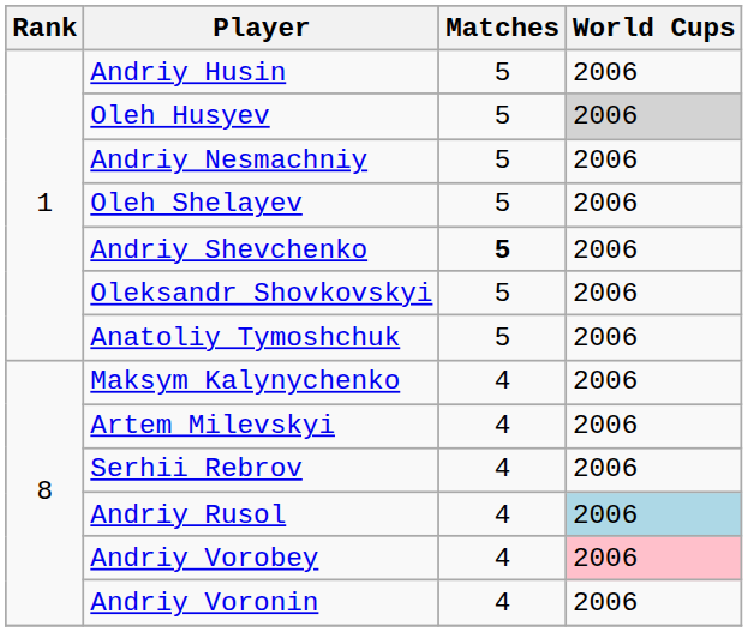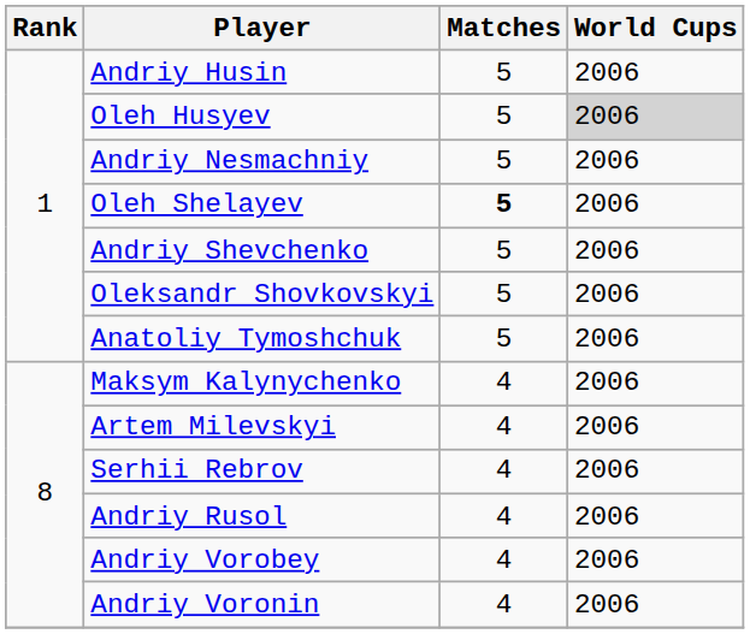 <table class="wikitable" style="text-align: left;">
 <tr>
 <th>Rank</th>
 <th>Player</th>
 <th>Matches</th>
 <th>World Cups</th>
 </tr>
 <tr>
 <td rowspan=7 align=center>1</td>
 <td><a href='#'>Andriy Husin</a></td>
 <td align=center>5</td>
 <td>2006</td>
 </tr>
 <tr>
 <td><a href='#'>Oleh Husyev</a></td>
 <td align=center>5</td>
 <td style="background: lightgrey;">2006</td>
 </tr>
 <tr>
 <td><a href='#'>Andriy Nesmachniy</a></td>
 <td align=center>5</td>
 <td>2006</td>
 </tr>
 <tr>
 <td><a href='#'>Oleh Shelayev</a></td>
-<td align=center>5</td>
+<td align=center><strong>5</strong></td>
 <td>2006</td>
 </tr>
 <tr>
 <td><a href='#'>Andriy Shevchenko</a></td>
-<td align=center><strong>5</strong></td>
+<td align=center>5</td>
 <td>2006</td>
 </tr>
 <tr>
 <td><a href='#'>Oleksandr Shovkovskyi</a></td>
 <td align=center>5</td>
 <td>2006</td>
 </tr>
 <tr>
 <td><a href='#'>Anatoliy Tymoshchuk</a></td>
 <td align=center>5</td>
 <td>2006</td>
 </tr>
 <tr>
 <td rowspan=6 align=center>8</td>
 <td><a href='#'>Maksym Kalynychenko</a></td>
 <td align=center>4</td>
 <td>2006</td>
 </tr>
 <tr>
 <td><a href='#'>Artem Milevskyi</a></td>
 <td align=center>4</td>
 <td>2006</td>
 </tr>
 <tr>
 <td><a href='#'>Serhii Rebrov</a></td>
 <td align=center>4</td>
 <td>2006</td>
 </tr>
 <tr>
 <td><a href='#'>Andriy Rusol</a></td>
 <td align=center>4</td>
-<td style="background: lightblue;">2006</td>
+<td>2006</td>
 </tr>
 <tr>
 <td><a href='#'>Andriy Vorobey</a></td>
 <td align=center>4</td>
-<td style="background: pink;">2006</td>
+<td>2006</td>
 </tr>
 <tr>
 <td><a href='#'>Andriy Voronin</a></td>
 <td align=center>4</td>
 <td>2006</td>
 </tr>
 <tr>
 </tr>
 </table>
